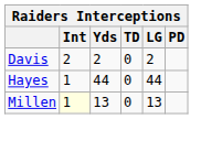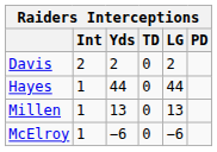 <table class="wikitable">
 <tr>
 <th colspan="6">Raiders Interceptions</th>
 </tr>
 <tr>
 <th></th>
 <th>Int</th>
 <th>Yds</th>
 <th>TD</th>
 <th>LG</th>
 <th>PD</th>
 </tr>
 <tr>
 <td><a href='#'>Davis</a></td>
 <td>2</td>
 <td>2</td>
 <td>0</td>
 <td>2</td>
 <td></td>
 </tr>
 <tr>
 <td><a href='#'>Hayes</a></td>
 <td>1</td>
 <td>44</td>
 <td>0</td>
 <td>44</td>
 <td></td>
 </tr>
 <tr>
 <td><a href='#'>Millen</a></td>
-<td style="background: lightyellow;">1</td>
+<td>1</td>
 <td>13</td>
 <td>0</td>
 <td>13</td>
 <td></td>
 </tr>
+<tr>
+<td><a href='#'>McElroy</a></td>
+<td>1</td>
+<td>−6</td>
+<td>0</td>
+<td>−6</td>
+<td></td>
+</tr>
 </table>
